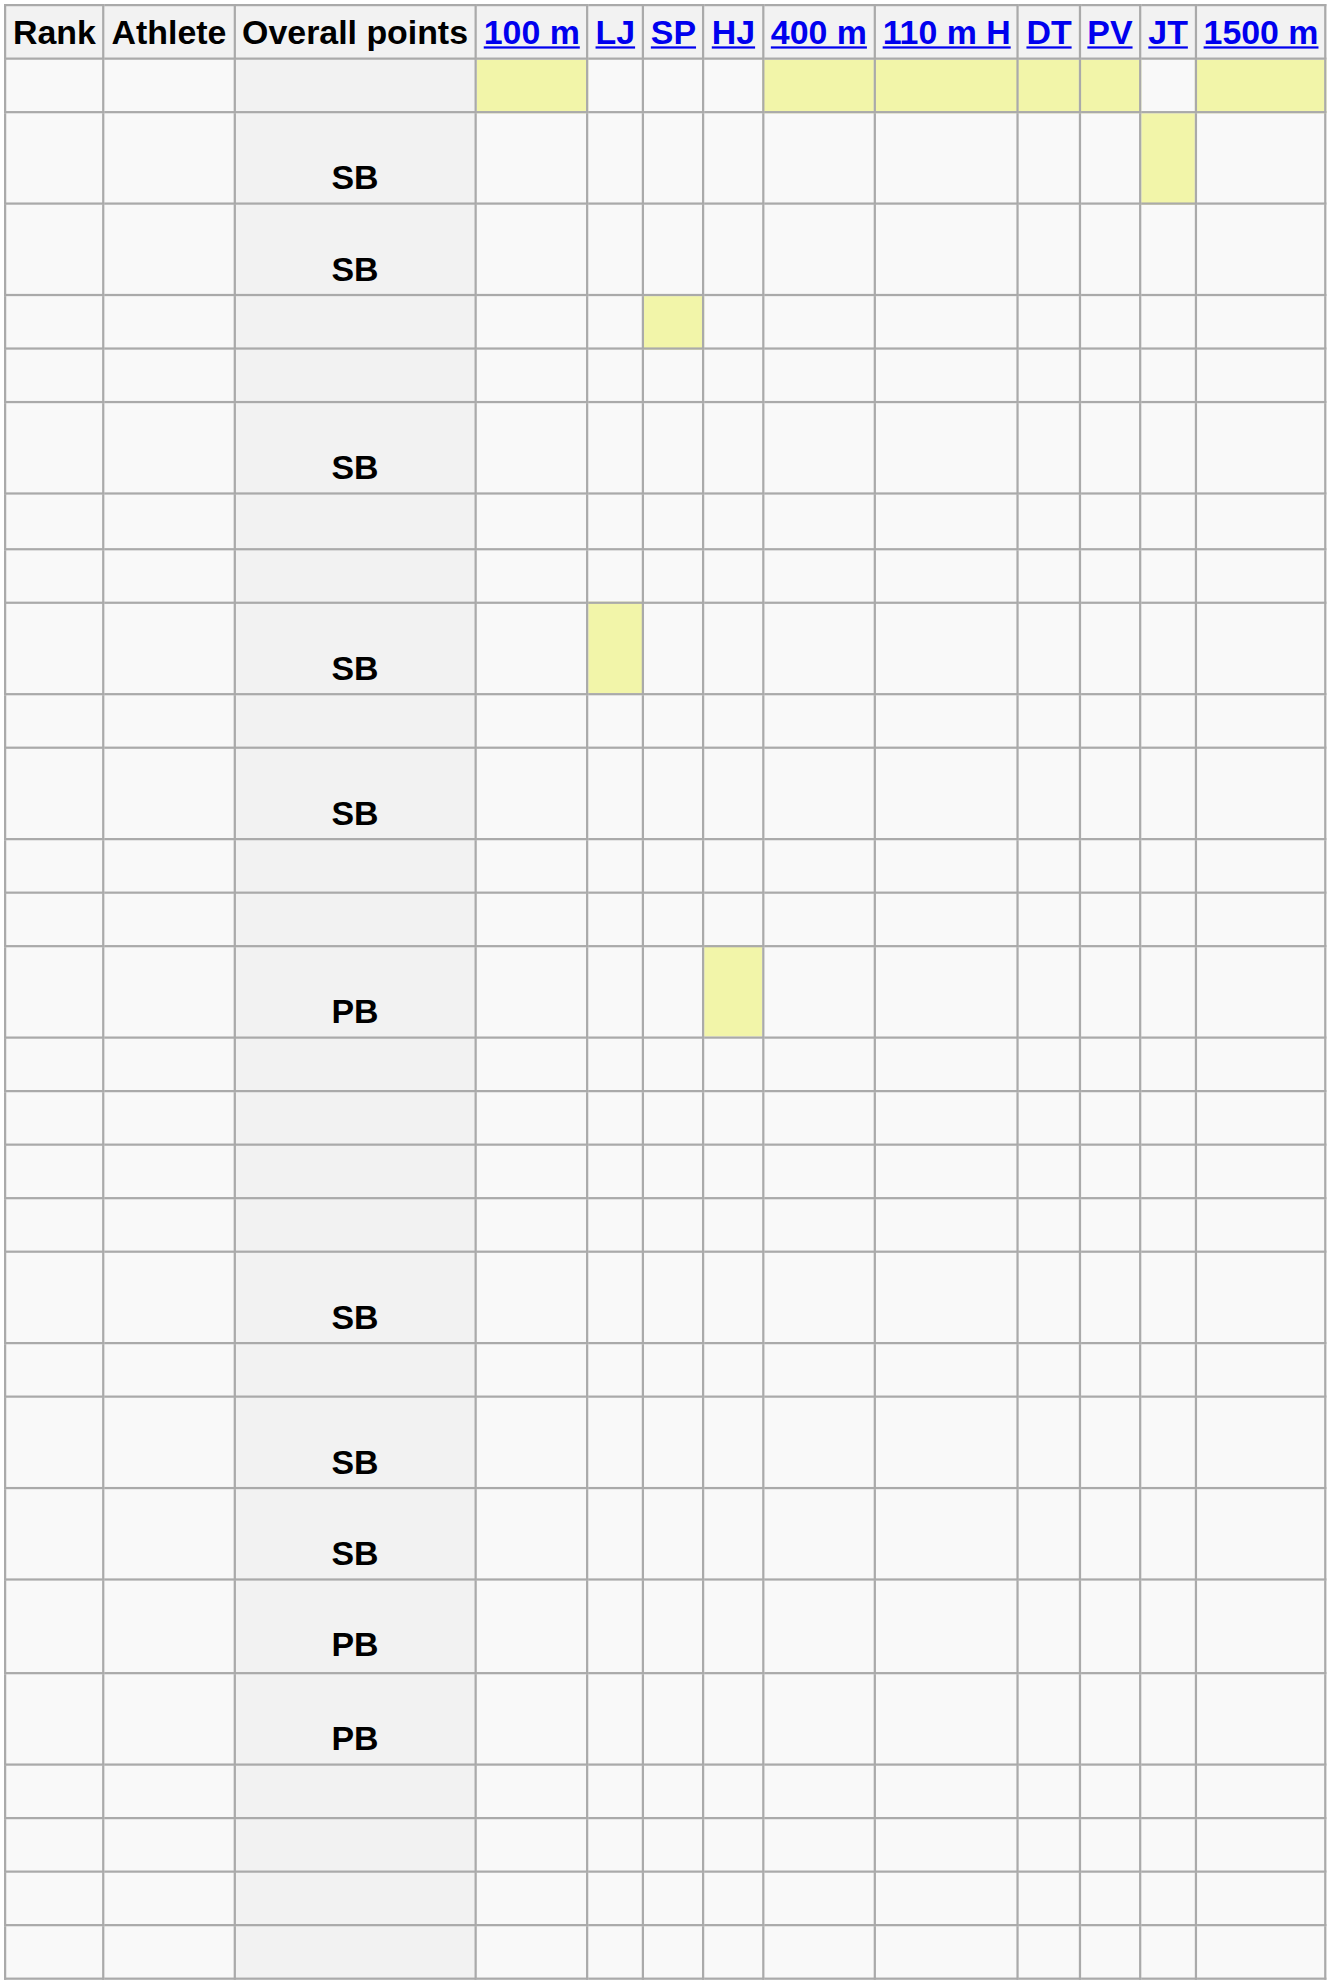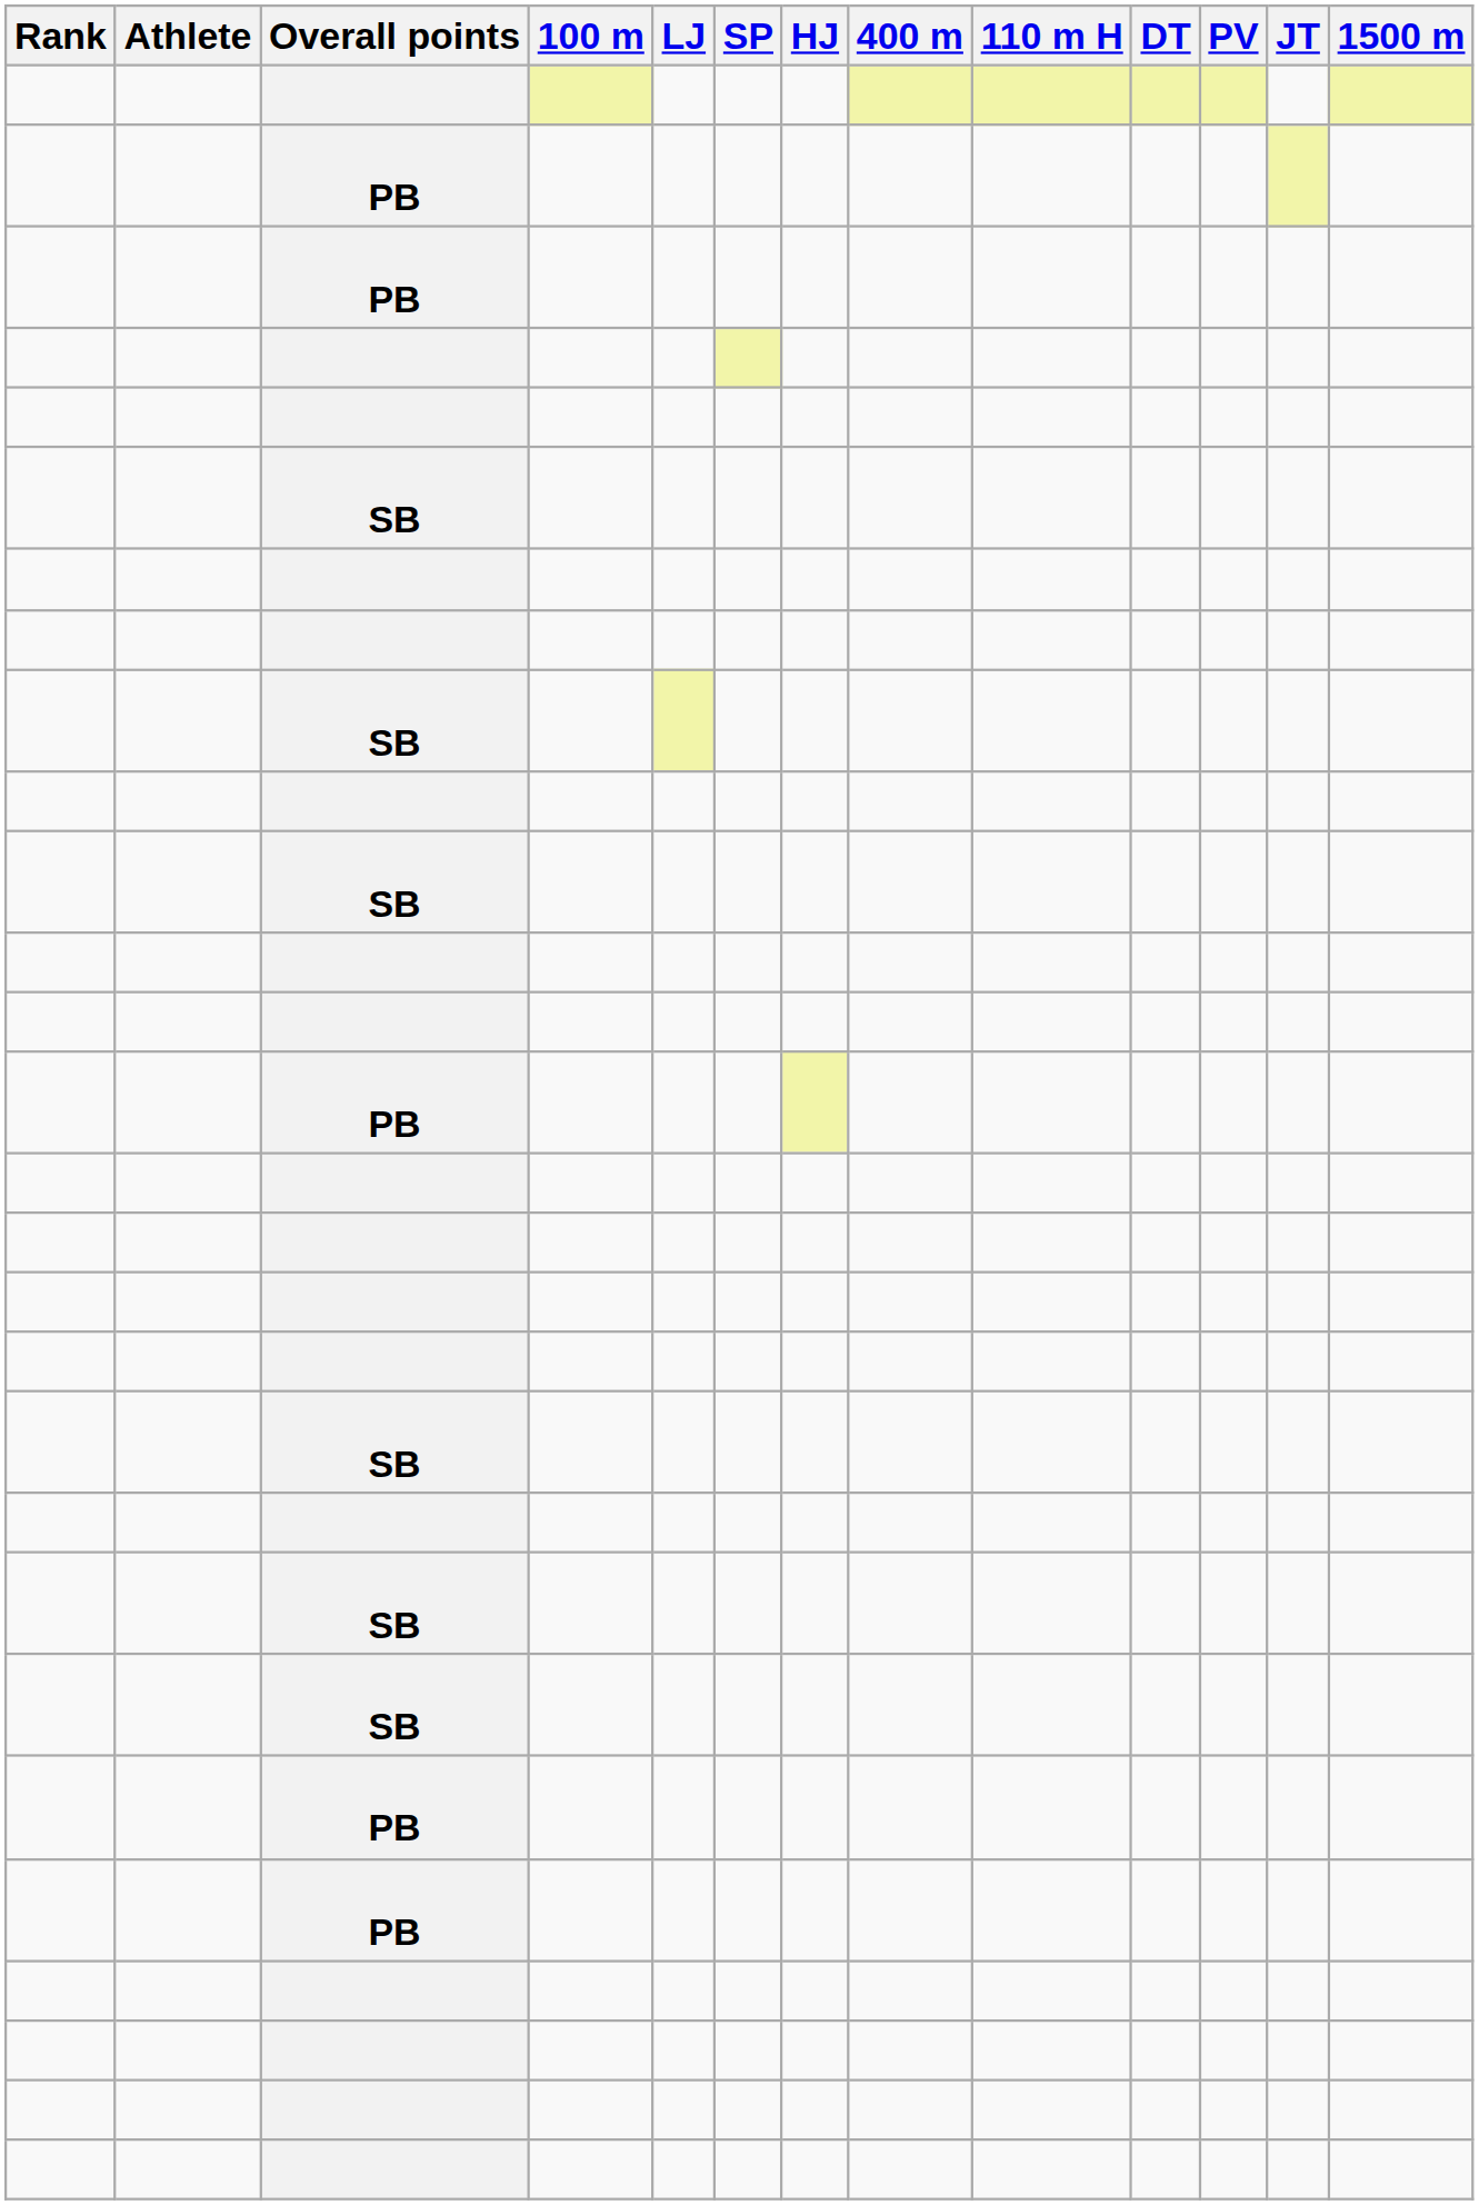 <table class="wikitable sortable" style="font-size:95%;">
 <tr>
 <th>Rank</th>
 <th>Athlete</th>
 <th>Overall points</th>
 <th><a href='#'>100 m</a></th>
 <th><a href='#'>LJ</a></th>
 <th><a href='#'>SP</a></th>
 <th><a href='#'>HJ</a></th>
 <th><a href='#'>400 m</a></th>
 <th><a href='#'>110 m H</a></th>
 <th><a href='#'>DT</a></th>
 <th><a href='#'>PV</a></th>
 <th><a href='#'>JT</a></th>
 <th><a href='#'>1500 m</a></th>
 </tr>
 <tr>
 <td align=center></td>
 <td align=left> <br></td>
 <th></th>
 <td bgcolor=#F2F5A9></td>
 <td></td>
 <td></td>
 <td></td>
 <td bgcolor=#F2F5A9></td>
 <td bgcolor=#F2F5A9></td>
 <td bgcolor=#F2F5A9></td>
 <td bgcolor=#F2F5A9></td>
 <td></td>
 <td bgcolor=#F2F5A9></td>
 </tr>
 <tr>
 <td align=center></td>
 <td align=left> <br></td>
-<th> <br><strong>SB</strong></th>
+<th> <br><strong>PB</strong></th>
 <td></td>
 <td></td>
 <td></td>
 <td></td>
 <td></td>
 <td></td>
 <td></td>
 <td></td>
 <td bgcolor=#F2F5A9></td>
 <td></td>
 </tr>
 <tr>
 <td align=center></td>
 <td align=left> <br></td>
-<th> <br><strong>SB</strong></th>
+<th> <br><strong>PB</strong></th>
 <td></td>
 <td></td>
 <td></td>
 <td></td>
 <td></td>
 <td></td>
 <td></td>
 <td></td>
 <td></td>
 <td></td>
 </tr>
 <tr>
 <td align=center></td>
 <td align=left> <br></td>
 <th></th>
 <td></td>
 <td></td>
 <td bgcolor=#F2F5A9></td>
 <td></td>
 <td></td>
 <td></td>
 <td></td>
 <td></td>
 <td></td>
 <td></td>
 </tr>
 <tr>
 <td align=center></td>
 <td align=left> <br></td>
 <th></th>
 <td></td>
 <td></td>
 <td></td>
 <td></td>
 <td></td>
 <td></td>
 <td></td>
 <td></td>
 <td></td>
 <td></td>
 </tr>
 <tr>
 <td align=center></td>
 <td align=left> <br></td>
 <th> <br><strong>SB</strong></th>
 <td></td>
 <td></td>
 <td></td>
 <td></td>
 <td></td>
 <td></td>
 <td></td>
 <td></td>
 <td></td>
 <td></td>
 </tr>
 <tr>
 <td align=center></td>
 <td align=left> <br></td>
 <th></th>
 <td></td>
 <td></td>
 <td></td>
 <td></td>
 <td></td>
 <td></td>
 <td></td>
 <td></td>
 <td></td>
 <td></td>
 </tr>
 <tr>
 <td align=center></td>
 <td align=left> <br></td>
 <th></th>
 <td></td>
 <td></td>
 <td></td>
 <td></td>
 <td></td>
 <td></td>
 <td></td>
 <td></td>
 <td></td>
 <td></td>
 </tr>
 <tr>
 <td align=center></td>
 <td align=left> <br></td>
 <th> <br><strong>SB</strong></th>
 <td></td>
 <td bgcolor=#F2F5A9></td>
 <td></td>
 <td></td>
 <td></td>
 <td></td>
 <td></td>
 <td></td>
 <td></td>
 <td></td>
 </tr>
 <tr>
 <td align=center></td>
 <td align=left> <br></td>
 <th></th>
 <td></td>
 <td></td>
 <td></td>
 <td></td>
 <td></td>
 <td></td>
 <td></td>
 <td></td>
 <td></td>
 <td></td>
 </tr>
 <tr>
 <td align=center></td>
 <td align=left> <br></td>
 <th> <br><strong>SB</strong></th>
 <td></td>
 <td></td>
 <td></td>
 <td></td>
 <td></td>
 <td></td>
 <td></td>
 <td></td>
 <td></td>
 <td></td>
 </tr>
 <tr>
 <td align=center></td>
 <td align=left> <br></td>
 <th></th>
 <td></td>
 <td></td>
 <td></td>
 <td></td>
 <td></td>
 <td></td>
 <td></td>
 <td></td>
 <td></td>
 <td></td>
 </tr>
 <tr>
 <td align=center></td>
 <td align=left> <br></td>
 <th></th>
 <td></td>
 <td></td>
 <td></td>
 <td></td>
 <td></td>
 <td></td>
 <td></td>
 <td></td>
 <td></td>
 <td></td>
 </tr>
 <tr>
 <td align=center></td>
 <td align=left> <br></td>
 <th> <br><strong>PB</strong></th>
 <td></td>
 <td></td>
 <td></td>
 <td bgcolor=#F2F5A9></td>
 <td></td>
 <td></td>
 <td></td>
 <td></td>
 <td></td>
 <td></td>
 </tr>
 <tr>
 <td align=center></td>
 <td align=left> <br></td>
 <th></th>
 <td></td>
 <td></td>
 <td></td>
 <td></td>
 <td></td>
 <td></td>
 <td></td>
 <td></td>
 <td></td>
 <td></td>
 </tr>
 <tr>
 <td align=center></td>
 <td align=left> <br></td>
 <th></th>
 <td></td>
 <td></td>
 <td></td>
 <td></td>
 <td></td>
 <td></td>
 <td></td>
 <td></td>
 <td></td>
 <td></td>
 </tr>
 <tr>
 <td align=center></td>
 <td align=left> <br></td>
 <th></th>
 <td></td>
 <td></td>
 <td></td>
 <td></td>
 <td></td>
 <td></td>
 <td></td>
 <td></td>
 <td></td>
 <td></td>
 </tr>
 <tr>
 <td align=center></td>
 <td align=left> <br></td>
 <th></th>
 <td></td>
 <td></td>
 <td></td>
 <td></td>
 <td></td>
 <td></td>
 <td></td>
 <td></td>
 <td></td>
 <td></td>
 </tr>
 <tr>
 <td align=center></td>
 <td align=left> <br></td>
 <th> <br><strong>SB</strong></th>
 <td></td>
 <td></td>
 <td></td>
 <td></td>
 <td></td>
 <td></td>
 <td></td>
 <td></td>
 <td></td>
 <td></td>
 </tr>
 <tr>
 <td align=center></td>
 <td align=left> <br></td>
 <th></th>
 <td></td>
 <td></td>
 <td></td>
 <td></td>
 <td></td>
 <td></td>
 <td></td>
 <td></td>
 <td></td>
 <td></td>
 </tr>
 <tr>
 <td align=center></td>
 <td align=left> <br></td>
 <th> <br><strong>SB</strong></th>
 <td></td>
 <td></td>
 <td></td>
 <td></td>
 <td></td>
 <td></td>
 <td></td>
 <td></td>
 <td></td>
 <td></td>
 </tr>
 <tr>
 <td align=center></td>
 <td align=left> <br></td>
 <th> <br><strong>SB</strong></th>
 <td></td>
 <td></td>
 <td></td>
 <td></td>
 <td></td>
 <td></td>
 <td></td>
 <td></td>
 <td></td>
 <td></td>
 </tr>
 <tr>
 <td align=center></td>
 <td align=left> <br></td>
 <th> <br><strong>PB</strong></th>
 <td></td>
 <td></td>
 <td></td>
 <td></td>
 <td></td>
 <td></td>
 <td></td>
 <td></td>
 <td></td>
 <td></td>
 </tr>
 <tr>
 <td align=center></td>
 <td align=left> <br></td>
 <th> <br><strong>PB</strong></th>
 <td></td>
 <td></td>
 <td></td>
 <td></td>
 <td></td>
 <td></td>
 <td></td>
 <td></td>
 <td></td>
 <td></td>
 </tr>
 <tr>
 <td align=center></td>
 <td align=left> <br></td>
 <th></th>
 <td></td>
 <td></td>
 <td></td>
 <td></td>
 <td></td>
 <td></td>
 <td></td>
 <td></td>
 <td></td>
 <td></td>
 </tr>
 <tr>
 <td align=center></td>
 <td align=left> <br></td>
 <th></th>
 <td></td>
 <td></td>
 <td></td>
 <td></td>
 <td></td>
 <td></td>
 <td></td>
 <td></td>
 <td></td>
 <td></td>
 </tr>
 <tr>
 <td align=center></td>
 <td align=left> <br></td>
 <th></th>
 <td></td>
 <td></td>
 <td></td>
 <td></td>
 <td></td>
 <td></td>
 <td></td>
 <td></td>
 <td></td>
 <td></td>
 </tr>
 <tr>
 <td align=center></td>
 <td align=left> <br></td>
 <th></th>
 <td></td>
 <td></td>
 <td></td>
 <td></td>
 <td></td>
 <td></td>
 <td></td>
 <td></td>
 <td></td>
 <td></td>
 </tr>
 </table>
